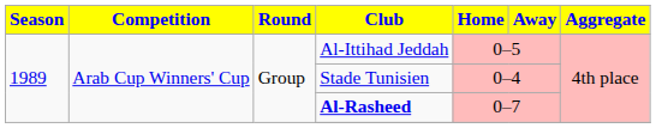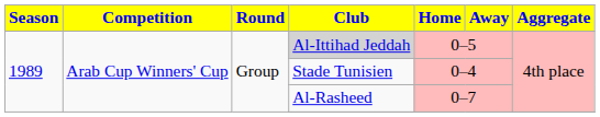 <table class="wikitable">
 <tr>
 <th style="color:#0000FF; background:#FFFF00;">Season</th>
 <th style="color:#0000FF; background:#FFFF00;">Competition</th>
 <th style="color:#0000FF; background:#FFFF00;">Round</th>
 <th style="color:#0000FF; background:#FFFF00;">Club</th>
 <th style="color:#0000FF; background:#FFFF00;">Home</th>
 <th style="color:#0000FF; background:#FFFF00;">Away</th>
 <th style="color:#0000FF; background:#FFFF00;">Aggregate</th>
 </tr>
 <tr>
 <td rowspan=4><a href='#'>1989</a></td>
 <td rowspan=4><a href='#'>Arab Cup Winners' Cup</a></td>
 <td rowspan=4>Group</td>
-<td> <a href='#'>Al-Ittihad Jeddah</a></td>
+<td style="background: lightgrey;"> <a href='#'>Al-Ittihad Jeddah</a></td>
 <td align="center" colspan="2"  style="background: #FFBBBB;">0–5</td>
 <td align="center" rowspan=3 style="background: #FFBBBB;">4th place</td>
 </tr>
 <tr>
 <td> <a href='#'>Stade Tunisien</a></td>
 <td align="center" colspan="2" style="background: #FFBBBB;">0–4</td>
 </tr>
 <tr>
-<td><strong> <a href='#'>Al-Rasheed</a></strong></td>
+<td> <a href='#'>Al-Rasheed</a></td>
 <td align="center" colspan="2"  style="background: #FFBBBB;">0–7</td>
 </tr>
 <tr>
 </tr>
 </table>
